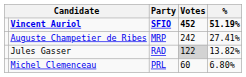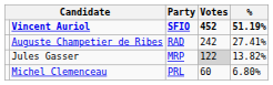 <table class="wikitable" style="font-size: 95%">
 <tr>
 <th colspan=2>Candidate</th>
 <th>Party</th>
 <th>Votes</th>
 <th>%</th>
 </tr>
 <tr>
 <td style="background-color:"></td>
 <td><strong><a href='#'>Vincent Auriol</a></strong></td>
 <td><a href='#'><strong>SFIO</strong></a></td>
 <td><strong>452</strong></td>
 <td><strong>51.19%</strong></td>
 </tr>
 <tr>
 <td style="background-color:"></td>
 <td><a href='#'>Auguste Champetier de Ribes</a></td>
-<td><a href='#'>MRP</a></td>
+<td><a href='#'>RAD</a></td>
 <td>242</td>
 <td>27.41%</td>
 </tr>
 <tr>
 <td style="background-color:"></td>
 <td>Jules Gasser</td>
-<td><a href='#'>RAD</a></td>
+<td><a href='#'>MRP</a></td>
 <td style="background: lightgrey;">122</td>
 <td>13.82%</td>
 </tr>
 <tr>
 <td style="background-color:"></td>
 <td><a href='#'>Michel Clemenceau</a></td>
 <td><a href='#'>PRL</a></td>
 <td>60</td>
 <td>6.80%</td>
 </tr>
 </table>
